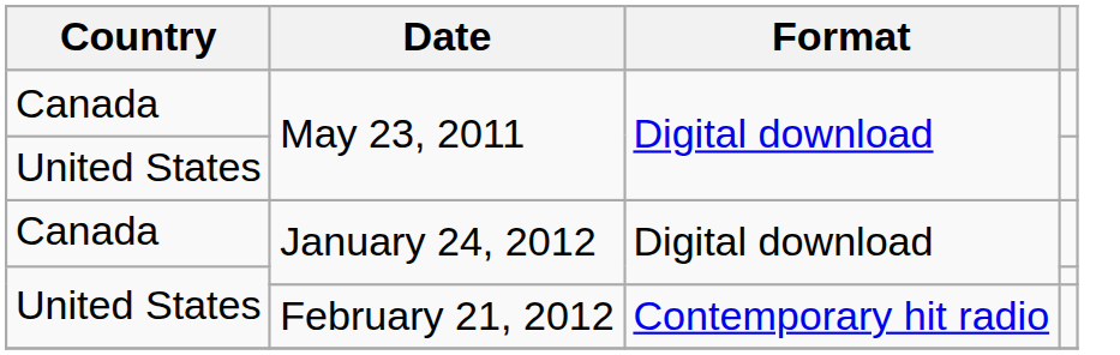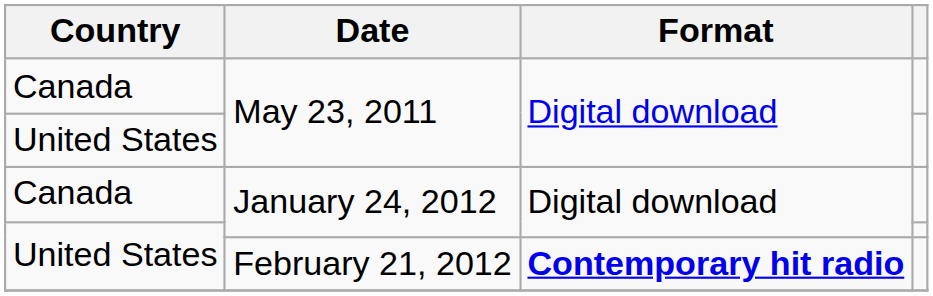 <table class="wikitable">
 <tr>
 <th>Country</th>
 <th>Date</th>
 <th>Format</th>
 <th></th>
 </tr>
 <tr>
 <td>Canada</td>
 <td rowspan="2">May 23, 2011</td>
 <td rowspan="2"><a href='#'>Digital download</a></td>
 <td></td>
 </tr>
 <tr>
 <td>United States</td>
 <td></td>
 </tr>
 <tr>
 <td>Canada</td>
 <td rowspan="2">January 24, 2012</td>
 <td rowspan="2">Digital download <br> </td>
 <td></td>
 </tr>
 <tr>
 <td rowspan="2">United States</td>
 <td></td>
 </tr>
 <tr>
 <td>February 21, 2012</td>
-<td><a href='#'>Contemporary hit radio</a></td>
+<td><strong><a href='#'>Contemporary hit radio</a></strong></td>
 <td></td>
 </tr>
 <tr>
 </tr>
 </table>
